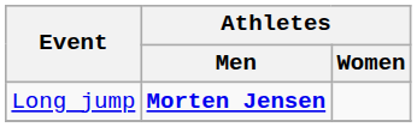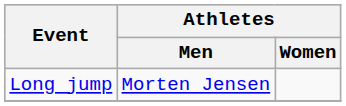 <table class=wikitable style="font-size:90%">
 <tr>
 <th rowspan=2>Event</th>
 <th colspan=2>Athletes</th>
 </tr>
 <tr>
 <th>Men</th>
 <th>Women</th>
 </tr>
 <tr>
 <td><a href='#'>Long jump</a></td>
-<td><strong><a href='#'>Morten Jensen</a></strong></td>
+<td><a href='#'>Morten Jensen</a></td>
 <td></td>
 </tr>
 <tr>
 </tr>
 </table>
